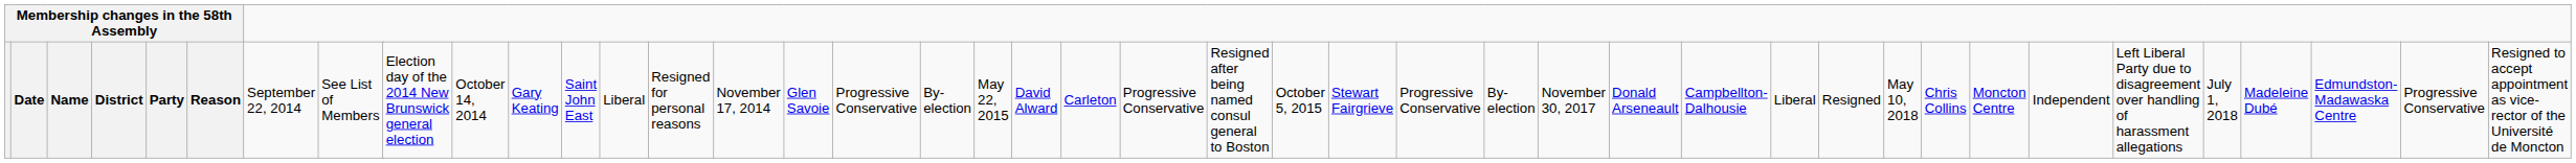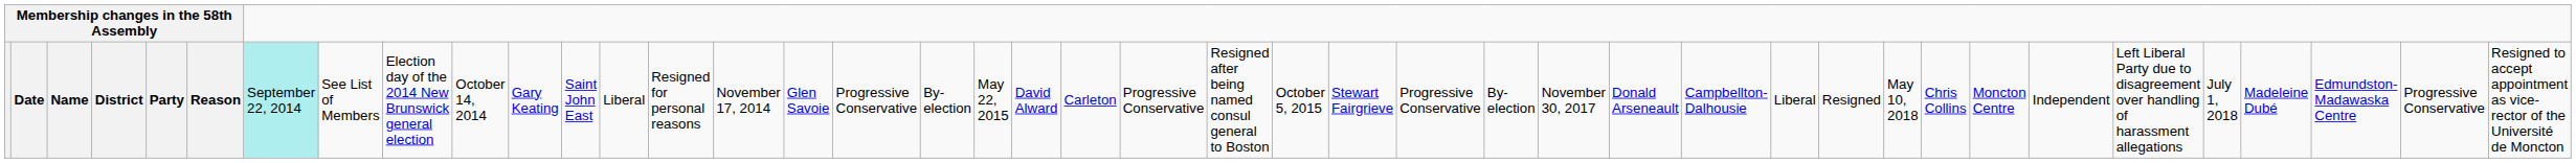 <table class="wikitable">
 <tr>
 <th colspan=6>Membership changes in the 58th Assembly</th>
 </tr>
 <tr>
 <th></th>
 <th>Date</th>
 <th>Name</th>
 <th>District</th>
 <th>Party</th>
 <th>Reason<br></th>
-<td>September 22, 2014</td>
+<td style="background: paleturquoise;">September 22, 2014</td>
 <td colspan=3>See List of Members</td>
 <td>Election day of the <a href='#'>2014 New Brunswick general election</a><br></td>
 <td>October 14, 2014</td>
 <td><a href='#'>Gary Keating</a></td>
 <td rowspan="2"><a href='#'>Saint John East</a></td>
 <td>Liberal</td>
 <td>Resigned for personal reasons<br></td>
 <td>November 17, 2014</td>
 <td><a href='#'>Glen Savoie</a></td>
 <td>Progressive Conservative</td>
 <td>By-election<br></td>
 <td>May 22, 2015</td>
 <td><a href='#'>David Alward</a></td>
 <td rowspan=2><a href='#'>Carleton</a></td>
 <td>Progressive Conservative</td>
 <td>Resigned after being named consul general to Boston<br></td>
 <td>October 5, 2015</td>
 <td><a href='#'>Stewart Fairgrieve</a></td>
 <td>Progressive Conservative</td>
 <td>By-election<br></td>
 <td>November 30, 2017</td>
 <td><a href='#'>Donald Arseneault</a></td>
 <td><a href='#'>Campbellton-Dalhousie</a></td>
 <td>Liberal</td>
 <td>Resigned<br></td>
 <td>May 10, 2018</td>
 <td><a href='#'>Chris Collins</a></td>
 <td><a href='#'>Moncton Centre</a></td>
 <td>Independent</td>
 <td>Left Liberal Party due to disagreement over handling of harassment allegations<br></td>
 <td>July 1, 2018</td>
 <td><a href='#'>Madeleine Dubé</a></td>
 <td><a href='#'>Edmundston-Madawaska Centre</a></td>
 <td>Progressive Conservative</td>
 <td>Resigned to accept appointment as vice-rector of the Université de Moncton</td>
 </tr>
 </table>
